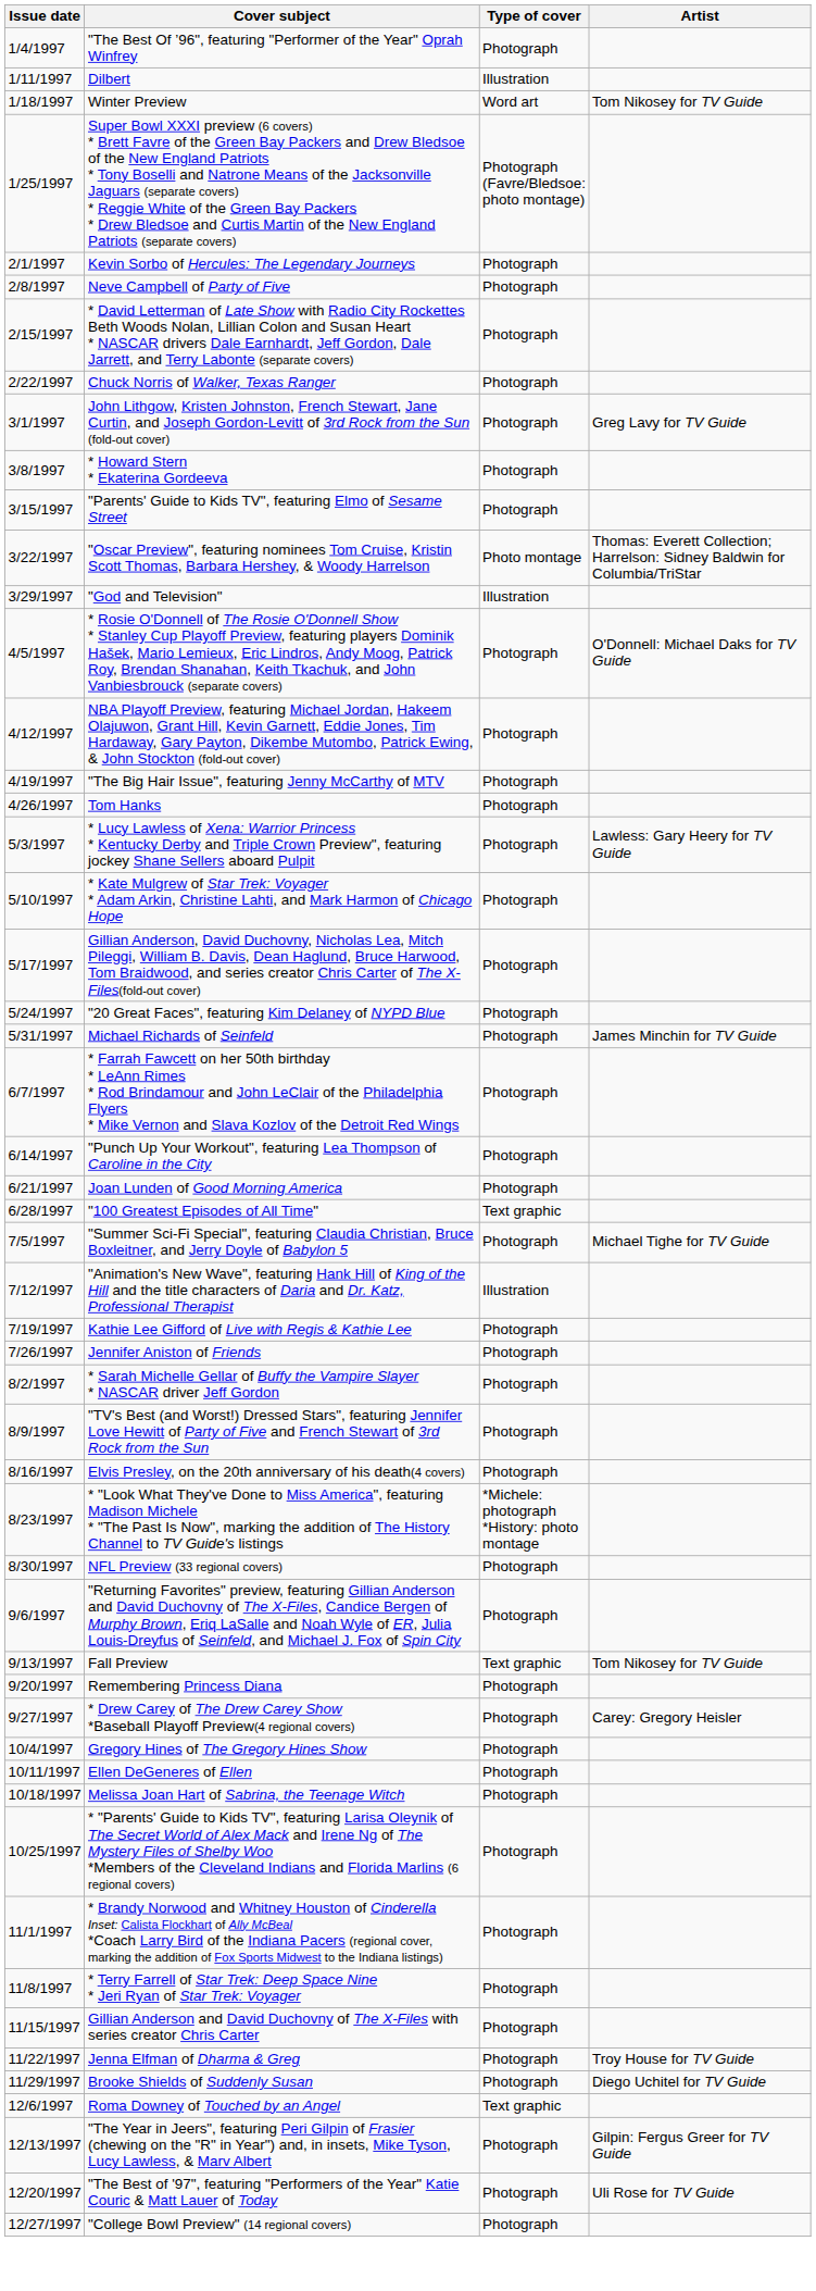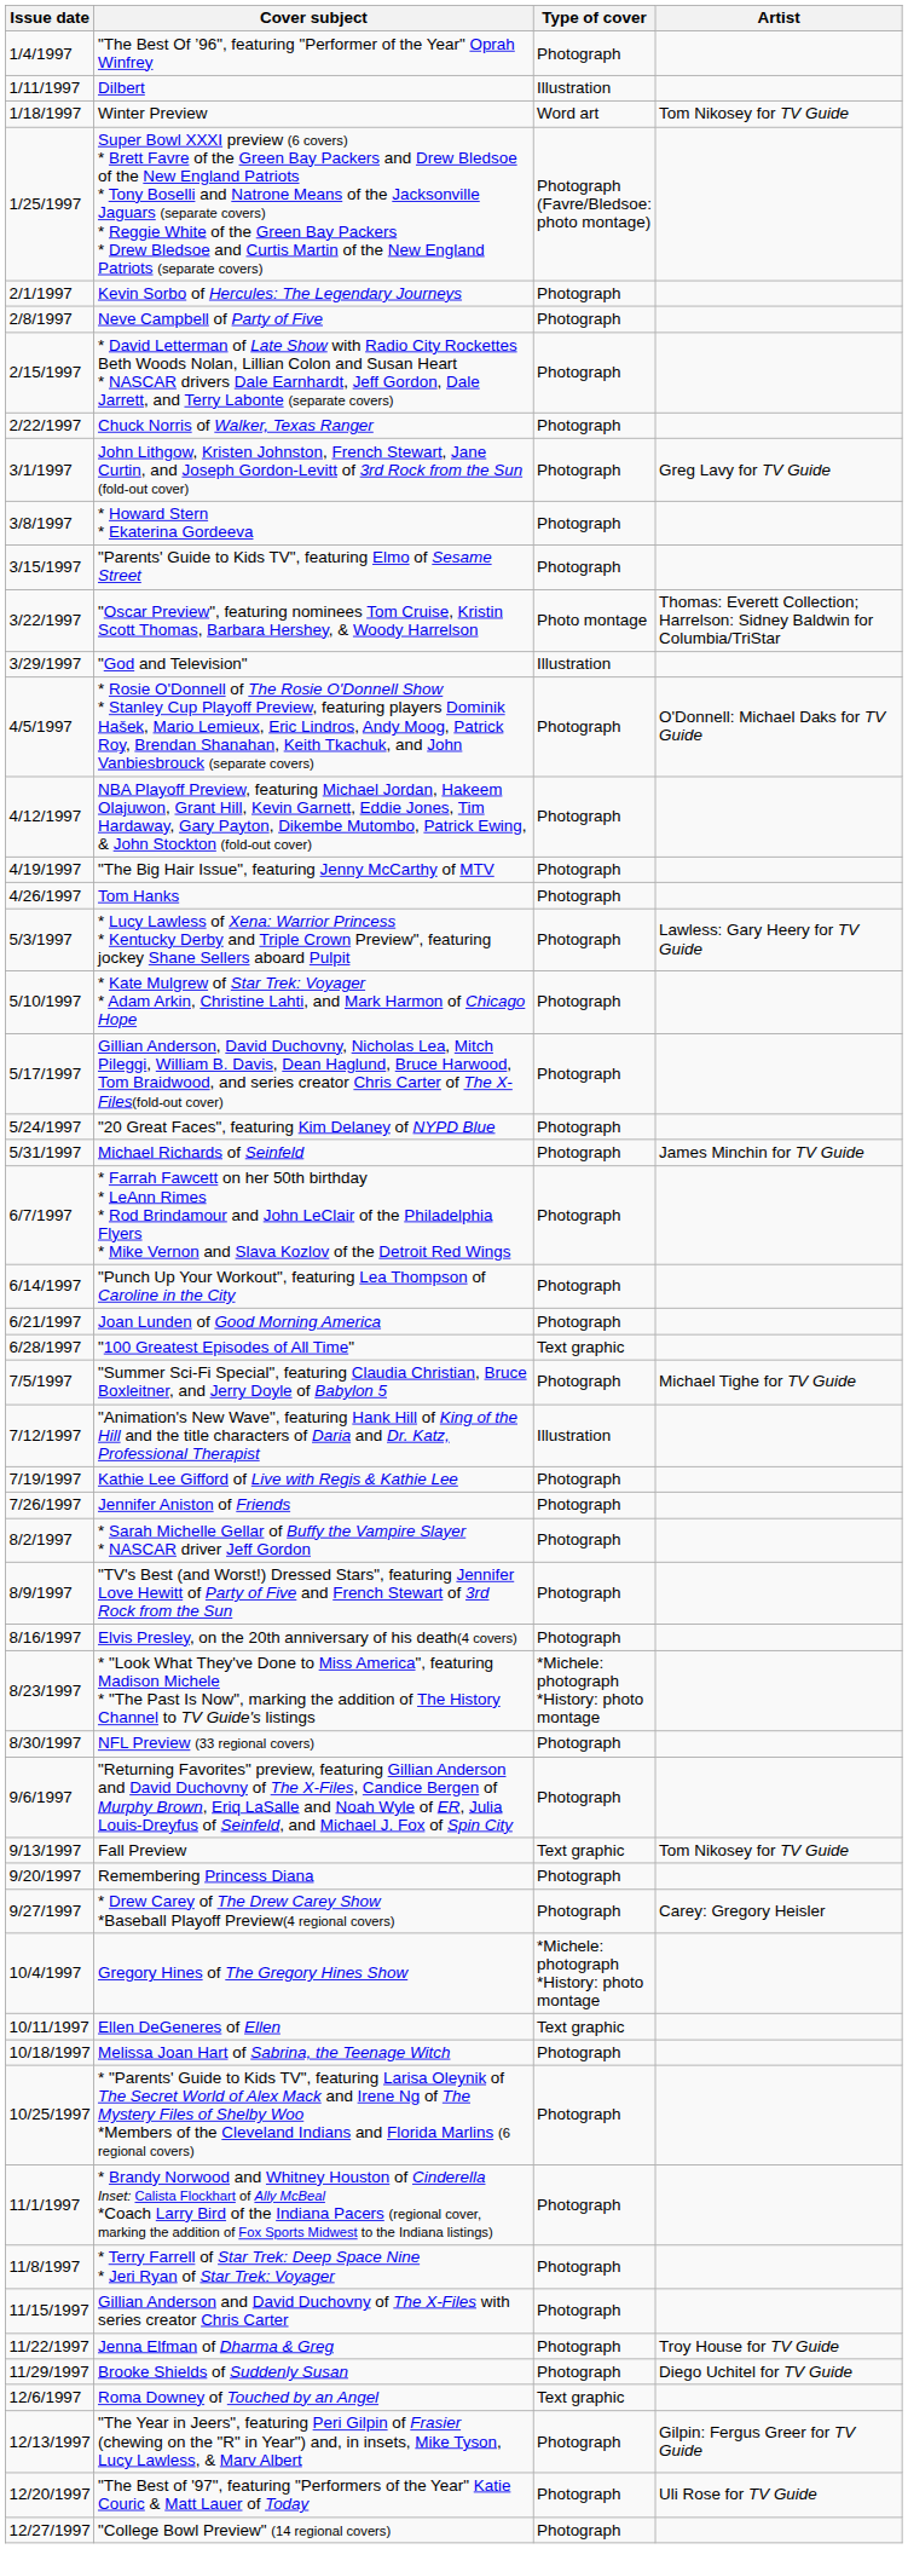 <table class="wikitable sortable" width=100% style="font-size:100%;">
 <tr>
 <th width=6%>Issue date</th>
 <th width=53%>Cover subject</th>
 <th width=12%>Type of cover</th>
 <th width=29%>Artist</th>
 </tr>
 <tr>
 <td>1/4/1997</td>
 <td>"The Best Of ’96", featuring "Performer of the Year" <a href='#'>Oprah Winfrey</a></td>
 <td>Photograph</td>
 <td></td>
 </tr>
 <tr>
 <td>1/11/1997</td>
 <td><a href='#'>Dilbert</a></td>
 <td>Illustration</td>
 <td></td>
 </tr>
 <tr>
 <td>1/18/1997</td>
 <td>Winter Preview</td>
 <td>Word art</td>
 <td>Tom Nikosey for <em>TV Guide</em></td>
 </tr>
 <tr>
 <td>1/25/1997</td>
 <td><a href='#'>Super Bowl XXXI</a> preview <small>(6 covers)</small><br>* <a href='#'>Brett Favre</a> of the <a href='#'>Green Bay Packers</a> and <a href='#'>Drew Bledsoe</a> of the <a href='#'>New England Patriots</a><br>* <a href='#'>Tony Boselli</a> and <a href='#'>Natrone Means</a> of the <a href='#'>Jacksonville Jaguars</a> <small>(separate covers)</small><br>* <a href='#'>Reggie White</a> of the <a href='#'>Green Bay Packers</a><br>* <a href='#'>Drew Bledsoe</a> and <a href='#'>Curtis Martin</a> of the <a href='#'>New England Patriots</a> <small>(separate covers)</small></td>
 <td>Photograph<br>(Favre/Bledsoe: photo montage)</td>
 <td></td>
 </tr>
 <tr>
 <td>2/1/1997</td>
 <td><a href='#'>Kevin Sorbo</a> of <em><a href='#'>Hercules: The Legendary Journeys</a></em></td>
 <td>Photograph</td>
 <td></td>
 </tr>
 <tr>
 <td>2/8/1997</td>
 <td><a href='#'>Neve Campbell</a> of <em><a href='#'>Party of Five</a></em></td>
 <td>Photograph</td>
 <td></td>
 </tr>
 <tr>
 <td>2/15/1997</td>
 <td>* <a href='#'>David Letterman</a> of <em><a href='#'>Late Show</a></em> with <a href='#'>Radio City Rockettes</a> Beth Woods Nolan, Lillian Colon and Susan Heart<br>* <a href='#'>NASCAR</a> drivers <a href='#'>Dale Earnhardt</a>, <a href='#'>Jeff Gordon</a>, <a href='#'>Dale Jarrett</a>, and <a href='#'>Terry Labonte</a> <small>(separate covers)</small></td>
 <td>Photograph</td>
 <td></td>
 </tr>
 <tr>
 <td>2/22/1997</td>
 <td><a href='#'>Chuck Norris</a> of <em><a href='#'>Walker, Texas Ranger</a></em></td>
 <td>Photograph</td>
 <td></td>
 </tr>
 <tr>
 <td>3/1/1997</td>
 <td><a href='#'>John Lithgow</a>, <a href='#'>Kristen Johnston</a>, <a href='#'>French Stewart</a>, <a href='#'>Jane Curtin</a>, and <a href='#'>Joseph Gordon-Levitt</a> of <em><a href='#'>3rd Rock from the Sun</a></em> <small>(fold-out cover)</small></td>
 <td>Photograph</td>
 <td>Greg Lavy for <em>TV Guide</em></td>
 </tr>
 <tr>
 <td>3/8/1997</td>
 <td>* <a href='#'>Howard Stern</a><br>* <a href='#'>Ekaterina Gordeeva</a></td>
 <td>Photograph</td>
 <td></td>
 </tr>
 <tr>
 <td>3/15/1997</td>
 <td>"Parents' Guide to Kids TV", featuring <a href='#'>Elmo</a> of <em><a href='#'>Sesame Street</a></em></td>
 <td>Photograph</td>
 <td></td>
 </tr>
 <tr>
 <td>3/22/1997</td>
 <td>"<a href='#'>Oscar Preview</a>", featuring nominees <a href='#'>Tom Cruise</a>, <a href='#'>Kristin Scott Thomas</a>, <a href='#'>Barbara Hershey</a>, & <a href='#'>Woody Harrelson</a></td>
 <td>Photo montage</td>
 <td>Thomas: Everett Collection; Harrelson: Sidney Baldwin for Columbia/TriStar</td>
 </tr>
 <tr>
 <td>3/29/1997</td>
 <td>"<a href='#'>God</a> and Television"</td>
 <td>Illustration</td>
 <td></td>
 </tr>
 <tr>
 <td>4/5/1997</td>
 <td>* <a href='#'>Rosie O'Donnell</a> of <em><a href='#'>The Rosie O'Donnell Show</a></em><br>* <a href='#'>Stanley Cup Playoff Preview</a>, featuring players <a href='#'>Dominik Hašek</a>, <a href='#'>Mario Lemieux</a>, <a href='#'>Eric Lindros</a>, <a href='#'>Andy Moog</a>, <a href='#'>Patrick Roy</a>, <a href='#'>Brendan Shanahan</a>, <a href='#'>Keith Tkachuk</a>, and <a href='#'>John Vanbiesbrouck</a> <small>(separate covers)</small></td>
 <td>Photograph</td>
 <td>O'Donnell: Michael Daks for <em>TV Guide</em></td>
 </tr>
 <tr>
 <td>4/12/1997</td>
 <td><a href='#'>NBA Playoff Preview</a>, featuring <a href='#'>Michael Jordan</a>, <a href='#'>Hakeem Olajuwon</a>, <a href='#'>Grant Hill</a>, <a href='#'>Kevin Garnett</a>, <a href='#'>Eddie Jones</a>, <a href='#'>Tim Hardaway</a>, <a href='#'>Gary Payton</a>, <a href='#'>Dikembe Mutombo</a>, <a href='#'>Patrick Ewing</a>, & <a href='#'>John Stockton</a> <small>(fold-out cover)</small></td>
 <td>Photograph</td>
 <td></td>
 </tr>
 <tr>
 <td>4/19/1997</td>
 <td>"The Big Hair Issue", featuring <a href='#'>Jenny McCarthy</a> of <a href='#'>MTV</a></td>
 <td>Photograph</td>
 <td></td>
 </tr>
 <tr>
 <td>4/26/1997</td>
 <td><a href='#'>Tom Hanks</a></td>
 <td>Photograph</td>
 <td></td>
 </tr>
 <tr>
 <td>5/3/1997</td>
 <td>* <a href='#'>Lucy Lawless</a> of <em><a href='#'>Xena: Warrior Princess</a></em><br>* <a href='#'>Kentucky Derby</a> and <a href='#'>Triple Crown</a> Preview", featuring jockey <a href='#'>Shane Sellers</a> aboard <a href='#'>Pulpit</a></td>
 <td>Photograph</td>
 <td>Lawless: Gary Heery for <em>TV Guide</em></td>
 </tr>
 <tr>
 <td>5/10/1997</td>
 <td>* <a href='#'>Kate Mulgrew</a> of <em><a href='#'>Star Trek: Voyager</a></em><br>* <a href='#'>Adam Arkin</a>, <a href='#'>Christine Lahti</a>, and <a href='#'>Mark Harmon</a> of <em><a href='#'>Chicago Hope</a></em></td>
 <td>Photograph</td>
 <td></td>
 </tr>
 <tr>
 <td>5/17/1997</td>
 <td><a href='#'>Gillian Anderson</a>, <a href='#'>David Duchovny</a>, <a href='#'>Nicholas Lea</a>, <a href='#'>Mitch Pileggi</a>, <a href='#'>William B. Davis</a>, <a href='#'>Dean Haglund</a>, <a href='#'>Bruce Harwood</a>, <a href='#'>Tom Braidwood</a>, and series creator <a href='#'>Chris Carter</a> of <em><a href='#'>The X-Files</a></em><small>(fold-out cover)</small></td>
 <td>Photograph</td>
 <td></td>
 </tr>
 <tr>
 <td>5/24/1997</td>
 <td>"20 Great Faces", featuring <a href='#'>Kim Delaney</a> of <em><a href='#'>NYPD Blue</a></em></td>
 <td>Photograph</td>
 <td></td>
 </tr>
 <tr>
 <td>5/31/1997</td>
 <td><a href='#'>Michael Richards</a> of <em><a href='#'>Seinfeld</a></em></td>
 <td>Photograph</td>
 <td>James Minchin for <em>TV Guide</em></td>
 </tr>
 <tr>
 <td>6/7/1997</td>
 <td>* <a href='#'>Farrah Fawcett</a> on her 50th birthday<br>* <a href='#'>LeAnn Rimes</a><br>* <a href='#'>Rod Brindamour</a> and <a href='#'>John LeClair</a> of the <a href='#'>Philadelphia Flyers</a><br>* <a href='#'>Mike Vernon</a> and <a href='#'>Slava Kozlov</a> of the <a href='#'>Detroit Red Wings</a></td>
 <td>Photograph</td>
 <td></td>
 </tr>
 <tr>
 <td>6/14/1997</td>
 <td>"Punch Up Your Workout", featuring <a href='#'>Lea Thompson</a> of <em><a href='#'>Caroline in the City</a></em></td>
 <td>Photograph</td>
 <td></td>
 </tr>
 <tr>
 <td>6/21/1997</td>
 <td><a href='#'>Joan Lunden</a> of <em><a href='#'>Good Morning America</a></em></td>
 <td>Photograph</td>
 <td></td>
 </tr>
 <tr>
 <td>6/28/1997</td>
 <td>"<a href='#'>100 Greatest Episodes of All Time</a>"</td>
 <td>Text graphic</td>
 <td></td>
 </tr>
 <tr>
 <td>7/5/1997</td>
 <td>"Summer Sci-Fi Special", featuring <a href='#'>Claudia Christian</a>, <a href='#'>Bruce Boxleitner</a>, and <a href='#'>Jerry Doyle</a> of <em><a href='#'>Babylon 5</a></em></td>
 <td>Photograph</td>
 <td>Michael Tighe for <em>TV Guide</em></td>
 </tr>
 <tr>
 <td>7/12/1997</td>
 <td>"Animation's New Wave", featuring <a href='#'>Hank Hill</a> of <em><a href='#'>King of the Hill</a></em> and the title characters of <em><a href='#'>Daria</a></em> and <em><a href='#'>Dr. Katz, Professional Therapist</a></em></td>
 <td>Illustration</td>
 <td></td>
 </tr>
 <tr>
 <td>7/19/1997</td>
 <td><a href='#'>Kathie Lee Gifford</a> of <em><a href='#'>Live with Regis & Kathie Lee</a></em></td>
 <td>Photograph</td>
 <td></td>
 </tr>
 <tr>
 <td>7/26/1997</td>
 <td><a href='#'>Jennifer Aniston</a> of <em><a href='#'>Friends</a></em></td>
 <td>Photograph</td>
 <td></td>
 </tr>
 <tr>
 <td>8/2/1997</td>
 <td>* <a href='#'>Sarah Michelle Gellar</a> of <em><a href='#'>Buffy the Vampire Slayer</a></em><br>* <a href='#'>NASCAR</a> driver <a href='#'>Jeff Gordon</a></td>
 <td>Photograph</td>
 <td></td>
 </tr>
 <tr>
 <td>8/9/1997</td>
 <td>"TV's Best (and Worst!) Dressed Stars", featuring <a href='#'>Jennifer Love Hewitt</a> of <em><a href='#'>Party of Five</a></em> and <a href='#'>French Stewart</a> of <em><a href='#'>3rd Rock from the Sun</a></em></td>
 <td>Photograph</td>
 <td></td>
 </tr>
 <tr>
 <td>8/16/1997</td>
 <td><a href='#'>Elvis Presley</a>, on the 20th anniversary of his death<small>(4 covers)</small></td>
 <td>Photograph</td>
 <td></td>
 </tr>
 <tr>
 <td>8/23/1997</td>
 <td>* "Look What They've Done to <a href='#'>Miss America</a>", featuring <a href='#'>Madison Michele</a><br>* "The Past Is Now", marking the addition of <a href='#'>The History Channel</a> to <em>TV Guide's</em> listings</td>
 <td>*Michele: photograph<br>*History: photo montage</td>
 <td></td>
 </tr>
 <tr>
 <td>8/30/1997</td>
 <td><a href='#'>NFL Preview</a> <small>(33 regional covers)</small></td>
 <td>Photograph</td>
 <td></td>
 </tr>
 <tr>
 <td>9/6/1997</td>
 <td>"Returning Favorites" preview, featuring <a href='#'>Gillian Anderson</a> and <a href='#'>David Duchovny</a> of <em><a href='#'>The X-Files</a></em>, <a href='#'>Candice Bergen</a> of <em><a href='#'>Murphy Brown</a></em>, <a href='#'>Eriq LaSalle</a> and <a href='#'>Noah Wyle</a> of <em><a href='#'>ER</a></em>, <a href='#'>Julia Louis-Dreyfus</a> of <em><a href='#'>Seinfeld</a></em>, and <a href='#'>Michael J. Fox</a> of <em><a href='#'>Spin City</a></em></td>
 <td>Photograph</td>
 <td></td>
 </tr>
 <tr>
 <td>9/13/1997</td>
 <td>Fall Preview</td>
 <td>Text graphic</td>
 <td>Tom Nikosey for <em>TV Guide</em></td>
 </tr>
 <tr>
 <td>9/20/1997</td>
 <td>Remembering <a href='#'>Princess Diana</a></td>
 <td>Photograph</td>
 <td></td>
 </tr>
 <tr>
 <td>9/27/1997</td>
 <td>* <a href='#'>Drew Carey</a> of <em><a href='#'>The Drew Carey Show</a></em><br>*Baseball Playoff Preview<small>(4 regional covers)</small></td>
 <td>Photograph</td>
 <td>Carey: Gregory Heisler</td>
 </tr>
 <tr>
 <td>10/4/1997</td>
 <td><a href='#'>Gregory Hines</a> of <em><a href='#'>The Gregory Hines Show</a></em></td>
-<td>Photograph</td>
+<td>*Michele: photograph<br>*History: photo montage</td>
 <td></td>
 </tr>
 <tr>
 <td>10/11/1997</td>
 <td><a href='#'>Ellen DeGeneres</a> of <em><a href='#'>Ellen</a></em></td>
-<td>Photograph</td>
+<td>Text graphic</td>
 <td></td>
 </tr>
 <tr>
 <td>10/18/1997</td>
 <td><a href='#'>Melissa Joan Hart</a> of <em><a href='#'>Sabrina, the Teenage Witch</a></em></td>
 <td>Photograph</td>
 <td></td>
 </tr>
 <tr>
 <td>10/25/1997</td>
 <td>* "Parents' Guide to Kids TV", featuring <a href='#'>Larisa Oleynik</a> of <em><a href='#'>The Secret World of Alex Mack</a></em> and <a href='#'>Irene Ng</a> of <em><a href='#'>The Mystery Files of Shelby Woo</a></em><br>*Members of the <a href='#'>Cleveland Indians</a> and <a href='#'>Florida Marlins</a> <small>(6 regional covers)</small></td>
 <td>Photograph</td>
 <td></td>
 </tr>
 <tr>
 <td>11/1/1997</td>
 <td>* <a href='#'>Brandy Norwood</a> and <a href='#'>Whitney Houston</a> of <em><a href='#'>Cinderella</a></em><br><small><em>Inset:</em> <a href='#'>Calista Flockhart</a> of <em><a href='#'>Ally McBeal</a></em></small><br>*Coach <a href='#'>Larry Bird</a> of the <a href='#'>Indiana Pacers</a> <small>(regional cover, marking the addition of <a href='#'>Fox Sports Midwest</a> to the Indiana listings)</small></td>
 <td>Photograph</td>
 <td></td>
 </tr>
 <tr>
 <td>11/8/1997</td>
 <td>* <a href='#'>Terry Farrell</a> of <em><a href='#'>Star Trek: Deep Space Nine</a></em><br>* <a href='#'>Jeri Ryan</a> of <em><a href='#'>Star Trek: Voyager</a></em></td>
 <td>Photograph</td>
 <td></td>
 </tr>
 <tr>
 <td>11/15/1997</td>
 <td><a href='#'>Gillian Anderson</a> and <a href='#'>David Duchovny</a> of <em><a href='#'>The X-Files</a></em> with series creator <a href='#'>Chris Carter</a></td>
 <td>Photograph</td>
 <td></td>
 </tr>
 <tr>
 <td>11/22/1997</td>
 <td><a href='#'>Jenna Elfman</a> of <em><a href='#'>Dharma & Greg</a></em></td>
 <td>Photograph</td>
 <td>Troy House for <em>TV Guide</em></td>
 </tr>
 <tr>
 <td>11/29/1997</td>
 <td><a href='#'>Brooke Shields</a> of <em><a href='#'>Suddenly Susan</a></em></td>
 <td>Photograph</td>
 <td>Diego Uchitel for <em>TV Guide</em></td>
 </tr>
 <tr>
 <td>12/6/1997</td>
 <td><a href='#'>Roma Downey</a> of <em><a href='#'>Touched by an Angel</a></em></td>
 <td>Text graphic</td>
 <td></td>
 </tr>
 <tr>
 <td>12/13/1997</td>
 <td>"The Year in Jeers", featuring <a href='#'>Peri Gilpin</a> of <em><a href='#'>Frasier</a></em> (chewing on the "R" in Year") and, in insets, <a href='#'>Mike Tyson</a>, <a href='#'>Lucy Lawless</a>, & <a href='#'>Marv Albert</a></td>
 <td>Photograph</td>
 <td>Gilpin: Fergus Greer for <em>TV Guide</em></td>
 </tr>
 <tr>
 <td>12/20/1997</td>
 <td>"The Best of '97", featuring "Performers of the Year" <a href='#'>Katie Couric</a> & <a href='#'>Matt Lauer</a> of <em><a href='#'>Today</a></em></td>
 <td>Photograph</td>
 <td>Uli Rose for <em>TV Guide</em></td>
 </tr>
 <tr>
 <td>12/27/1997</td>
 <td>"College Bowl Preview" <small>(14 regional covers)</small></td>
 <td>Photograph</td>
 <td></td>
 </tr>
 </table>
